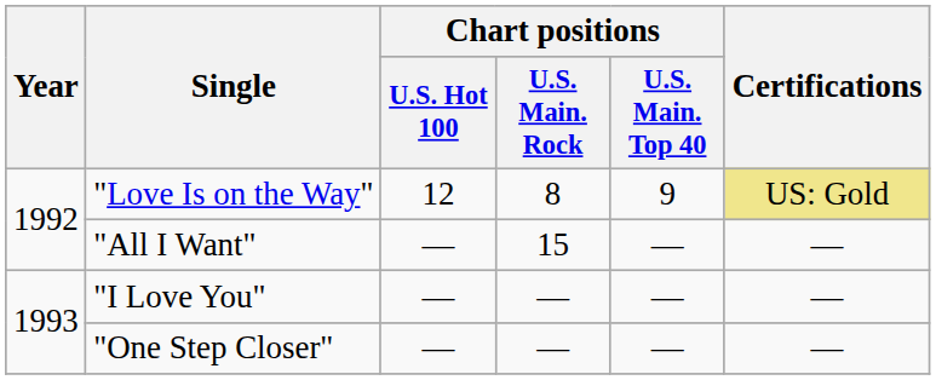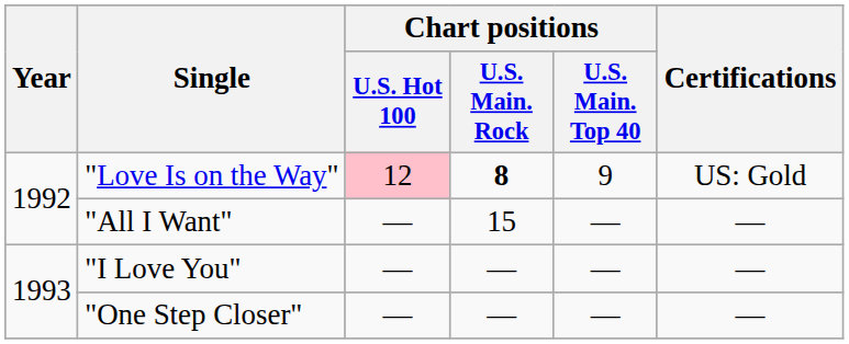 <table class="wikitable" style="text-align:center;">
 <tr>
 <th rowspan="2">Year</th>
 <th rowspan="2">Single</th>
 <th colspan="3">Chart positions</th>
 <th rowspan="2">Certifications</th>
 </tr>
 <tr style="font-size:smaller;">
 <th style="width:50px;"><a href='#'>U.S. Hot 100</a></th>
 <th style="width:50px;"><a href='#'>U.S. Main. Rock</a></th>
 <th style="width:50px;"><a href='#'>U.S. Main. Top 40</a></th>
 </tr>
 <tr>
 <td rowspan="2">1992</td>
 <td style="text-align:left;">"<a href='#'>Love Is on the Way</a>"</td>
-<td>12</td>
-<td>8</td>
+<td style="background: pink;">12</td>
+<td><strong>8</strong></td>
 <td>9</td>
-<td style="background: khaki;">US: Gold</td>
+<td>US: Gold</td>
 </tr>
 <tr>
 <td style="text-align:left;">"All I Want"</td>
 <td>—</td>
 <td>15</td>
 <td>—</td>
 <td>—</td>
 </tr>
 <tr>
 <td rowspan="2">1993</td>
 <td style="text-align:left;">"I Love You" </td>
 <td>—</td>
 <td>—</td>
 <td>—</td>
 <td>—</td>
 </tr>
 <tr>
 <td style="text-align:left;">"One Step Closer"</td>
 <td>—</td>
 <td>—</td>
 <td>—</td>
 <td>—</td>
 </tr>
 </table>
